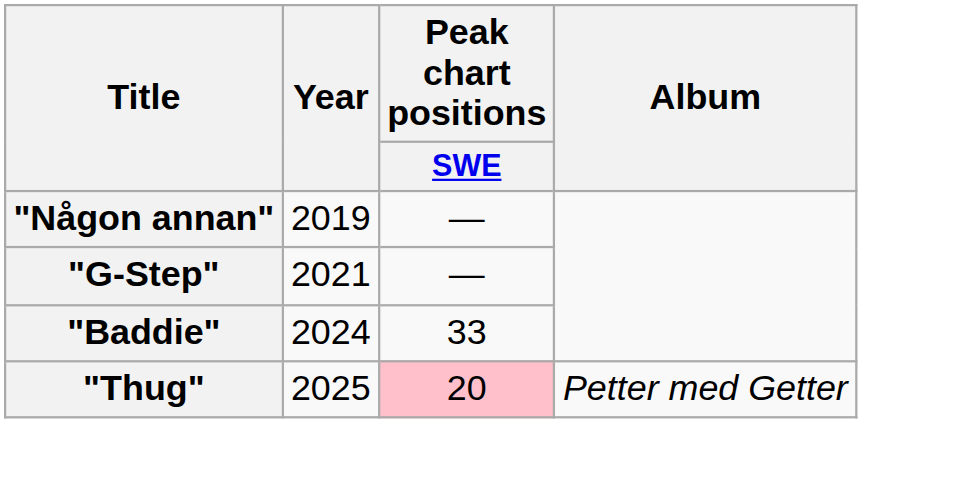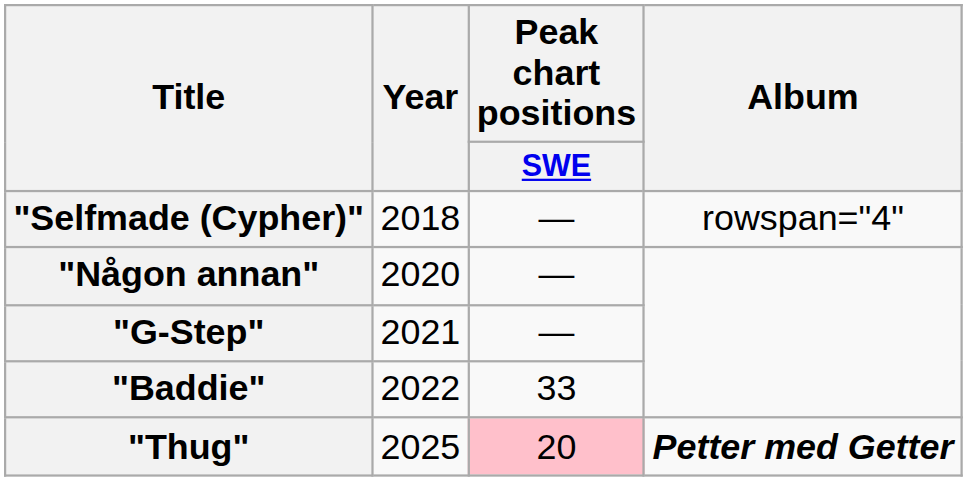 <table class="wikitable plainrowheaders" style="text-align:center;">
 <tr>
 <th scope="col" rowspan="2">Title</th>
 <th scope="col" rowspan="2">Year</th>
 <th scope="col" colspan="1">Peak chart positions</th>
 <th scope="col" rowspan="2">Album</th>
 </tr>
 <tr>
 <th scope="col" style="width:3em;font-size:85%;"><a href='#'>SWE</a><br></th>
 </tr>
 <tr>
+<th scope="row">"Selfmade (Cypher)"<br></th>
+<td>2018</td>
+<td>—</td>
+<td>rowspan="4" </td>
+</tr>
+<tr>
 <th scope="row">"Någon annan"<br></th>
-<td>2019</td>
+<td>2020</td>
 <td>—</td>
 </tr>
 <tr>
 <th scope="row">"G-Step"<br></th>
 <td>2021</td>
 <td>—</td>
 </tr>
 <tr>
 <th scope="row">"Baddie"<br></th>
-<td>2024</td>
+<td>2022</td>
 <td>33<br></td>
 </tr>
 <tr>
 <th scope="row">"Thug"<br></th>
 <td>2025</td>
 <td style="background: pink;">20<br></td>
-<td><em>Petter med Getter</em></td>
+<td><strong><em>Petter med Getter</em></strong></td>
 </tr>
 </table>
